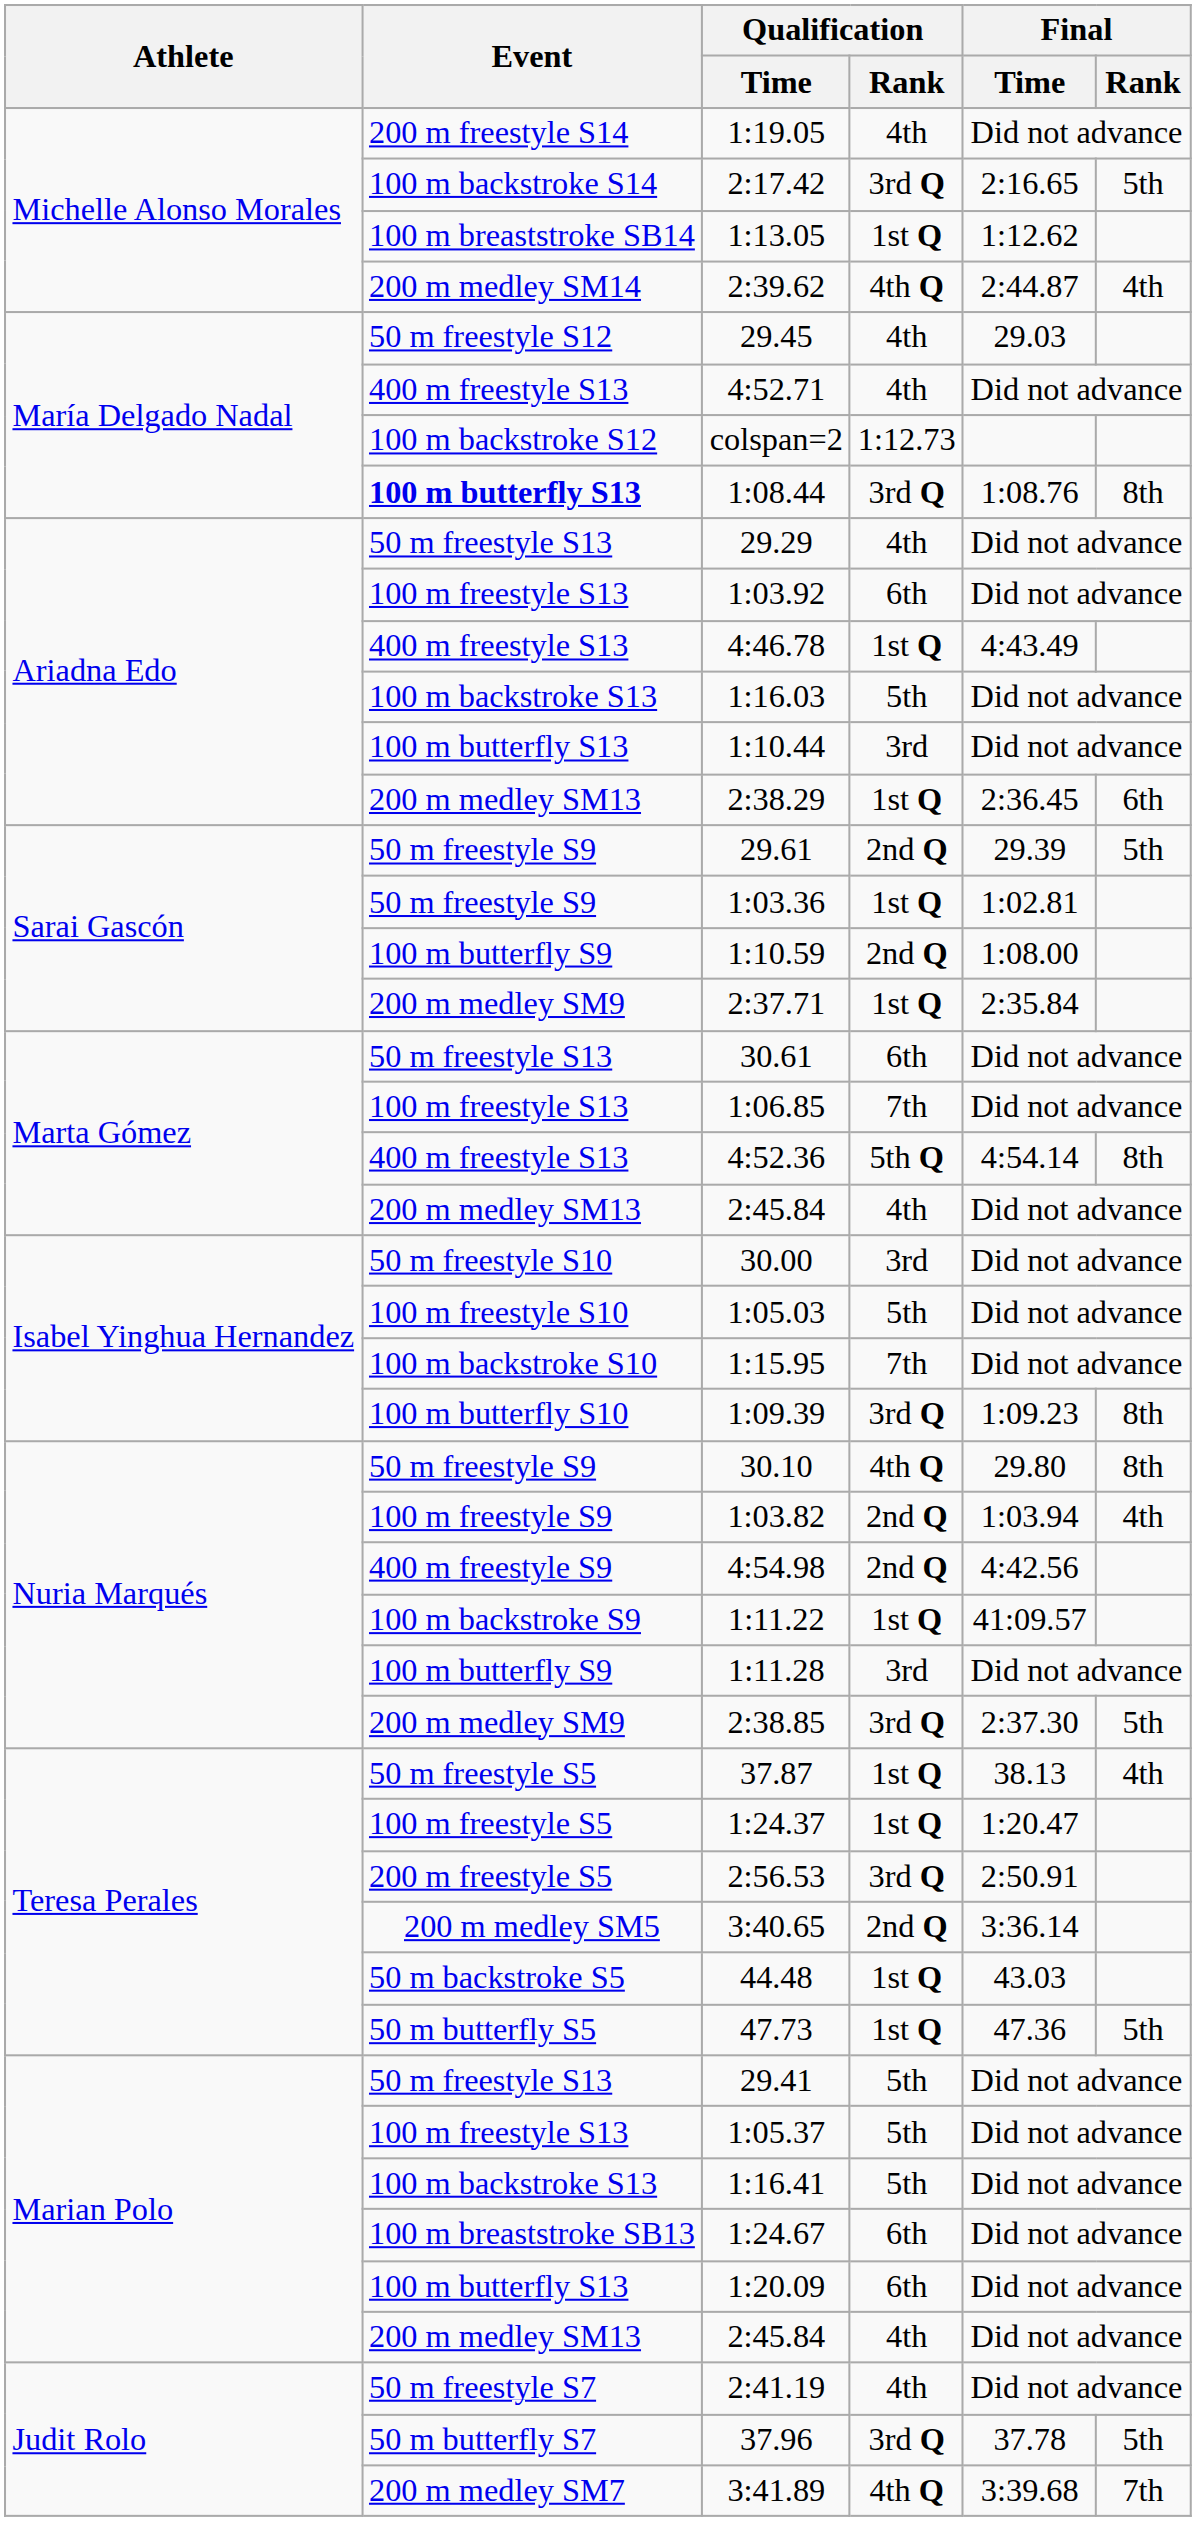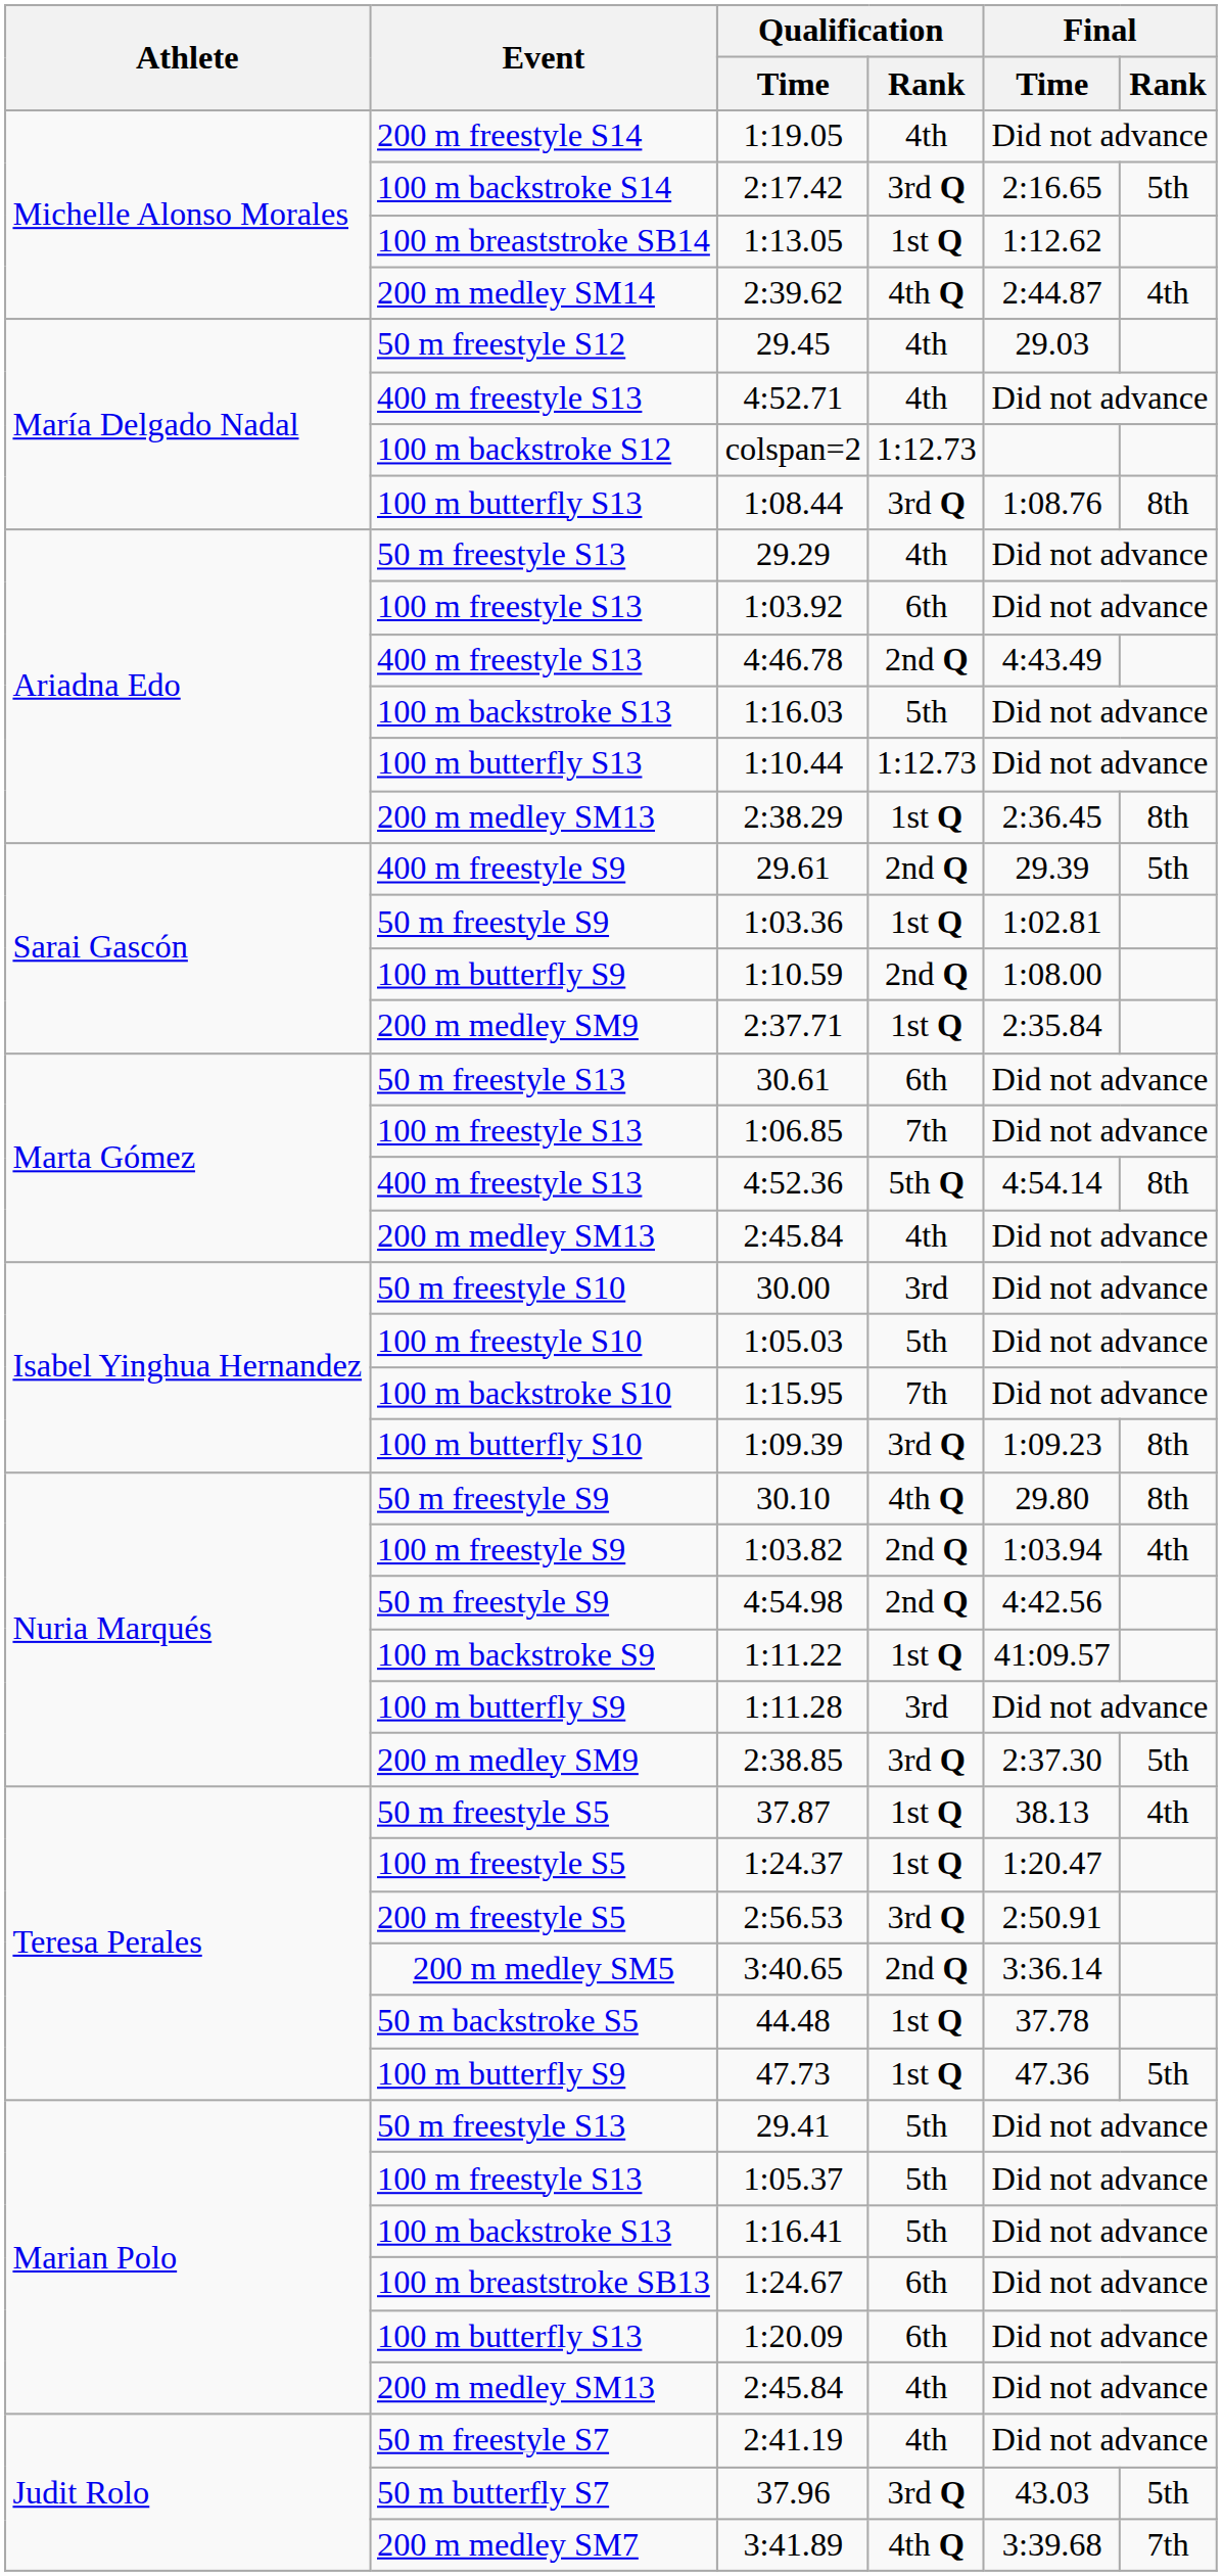 <table class=wikitable>
 <tr>
 <th rowspan="2">Athlete</th>
 <th rowspan="2">Event</th>
 <th colspan="2">Qualification</th>
 <th colspan="2">Final</th>
 </tr>
 <tr>
 <th>Time</th>
 <th>Rank</th>
 <th>Time</th>
 <th>Rank</th>
 </tr>
 <tr align=center>
 <td align=left rowspan=4><a href='#'>Michelle Alonso Morales</a></td>
 <td align=left><a href='#'>200 m freestyle S14</a></td>
 <td>1:19.05</td>
 <td>4th</td>
 <td colspan=2>Did not advance</td>
 </tr>
 <tr align=center>
 <td align=left><a href='#'>100 m backstroke S14</a></td>
 <td>2:17.42</td>
 <td>3rd <strong>Q</strong></td>
 <td>2:16.65</td>
 <td>5th</td>
 </tr>
 <tr align=center>
 <td align=left><a href='#'>100 m breaststroke SB14</a></td>
 <td>1:13.05</td>
 <td>1st <strong>Q</strong></td>
 <td>1:12.62</td>
 <td></td>
 </tr>
 <tr align=center>
 <td align=left><a href='#'>200 m medley SM14</a></td>
 <td>2:39.62</td>
 <td>4th <strong>Q</strong></td>
 <td>2:44.87</td>
 <td>4th</td>
 </tr>
 <tr align=center>
 <td align=left rowspan=4><a href='#'>María Delgado Nadal</a></td>
 <td align=left><a href='#'>50 m freestyle S12</a></td>
 <td>29.45</td>
 <td>4th</td>
 <td>29.03</td>
 <td></td>
 </tr>
 <tr align=center>
 <td align=left><a href='#'>400 m freestyle S13</a></td>
 <td>4:52.71</td>
 <td>4th</td>
 <td colspan=2>Did not advance</td>
 </tr>
 <tr align=center>
 <td align=left><a href='#'>100 m backstroke S12</a></td>
 <td>colspan=2 </td>
 <td>1:12.73</td>
 <td></td>
 </tr>
 <tr align=center>
-<td align=left><strong><a href='#'>100 m butterfly S13</a></strong></td>
+<td align=left><a href='#'>100 m butterfly S13</a></td>
 <td>1:08.44</td>
 <td>3rd <strong>Q</strong></td>
 <td>1:08.76</td>
 <td>8th</td>
 </tr>
 <tr align=center>
 <td align=left rowspan=6><a href='#'>Ariadna Edo</a></td>
 <td align=left><a href='#'>50 m freestyle S13</a></td>
 <td>29.29</td>
 <td>4th</td>
 <td colspan=2>Did not advance</td>
 </tr>
 <tr align=center>
 <td align=left><a href='#'>100 m freestyle S13</a></td>
 <td>1:03.92</td>
 <td>6th</td>
 <td colspan=2>Did not advance</td>
 </tr>
 <tr align=center>
 <td align=left><a href='#'>400 m freestyle S13</a></td>
 <td>4:46.78</td>
-<td>1st <strong>Q</strong></td>
+<td>2nd <strong>Q</strong></td>
 <td>4:43.49</td>
 <td></td>
 </tr>
 <tr align=center>
 <td align=left><a href='#'>100 m backstroke S13</a></td>
 <td>1:16.03</td>
 <td>5th</td>
 <td colspan=2>Did not advance</td>
 </tr>
 <tr align=center>
 <td align=left><a href='#'>100 m butterfly S13</a></td>
 <td>1:10.44</td>
-<td>3rd</td>
+<td>1:12.73</td>
 <td colspan=2>Did not advance</td>
 </tr>
 <tr align=center>
 <td align=left><a href='#'>200 m medley SM13</a></td>
 <td>2:38.29</td>
 <td>1st <strong>Q</strong></td>
 <td>2:36.45</td>
-<td>6th</td>
+<td>8th</td>
 </tr>
 <tr align=center>
 <td align=left rowspan=4><a href='#'>Sarai Gascón</a></td>
-<td align=left><a href='#'>50 m freestyle S9</a></td>
+<td align=left><a href='#'>400 m freestyle S9</a></td>
 <td>29.61</td>
 <td>2nd <strong>Q</strong></td>
 <td>29.39</td>
 <td>5th</td>
 </tr>
 <tr align=center>
 <td align=left><a href='#'>50 m freestyle S9</a></td>
 <td>1:03.36</td>
 <td>1st <strong>Q</strong></td>
 <td>1:02.81</td>
 <td></td>
 </tr>
 <tr align=center>
 <td align=left><a href='#'>100 m butterfly S9</a></td>
 <td>1:10.59</td>
 <td>2nd <strong>Q</strong></td>
 <td>1:08.00</td>
 <td></td>
 </tr>
 <tr align=center>
 <td align=left><a href='#'>200 m medley SM9</a></td>
 <td>2:37.71</td>
 <td>1st <strong>Q</strong></td>
 <td>2:35.84</td>
 <td></td>
 </tr>
 <tr align=center>
 <td align=left rowspan=4><a href='#'>Marta Gómez</a></td>
 <td align=left><a href='#'>50 m freestyle S13</a></td>
 <td>30.61</td>
 <td>6th</td>
 <td colspan=2>Did not advance</td>
 </tr>
 <tr align=center>
 <td align=left><a href='#'>100 m freestyle S13</a></td>
 <td>1:06.85</td>
 <td>7th</td>
 <td colspan=2>Did not advance</td>
 </tr>
 <tr align=center>
 <td align=left><a href='#'>400 m freestyle S13</a></td>
 <td>4:52.36</td>
 <td>5th <strong>Q</strong></td>
 <td>4:54.14</td>
 <td>8th</td>
 </tr>
 <tr align=center>
 <td align=left><a href='#'>200 m medley SM13</a></td>
 <td>2:45.84</td>
 <td>4th</td>
 <td colspan=2>Did not advance</td>
 </tr>
 <tr align=center>
 <td align=left rowspan=4><a href='#'>Isabel Yinghua Hernandez</a></td>
 <td align=left><a href='#'>50 m freestyle S10</a></td>
 <td>30.00</td>
 <td>3rd</td>
 <td colspan=2>Did not advance</td>
 </tr>
 <tr align=center>
 <td align=left><a href='#'>100 m freestyle S10</a></td>
 <td>1:05.03</td>
 <td>5th</td>
 <td colspan=2>Did not advance</td>
 </tr>
 <tr align=center>
 <td align=left><a href='#'>100 m backstroke S10</a></td>
 <td>1:15.95</td>
 <td>7th</td>
 <td colspan=2>Did not advance</td>
 </tr>
 <tr align=center>
 <td align=left><a href='#'>100 m butterfly S10</a></td>
 <td>1:09.39</td>
 <td>3rd <strong>Q</strong></td>
 <td>1:09.23</td>
 <td>8th</td>
 </tr>
 <tr align=center>
 <td align=left rowspan=6><a href='#'>Nuria Marqués</a></td>
 <td align=left><a href='#'>50 m freestyle S9</a></td>
 <td>30.10</td>
 <td>4th <strong>Q</strong></td>
 <td>29.80</td>
 <td>8th</td>
 </tr>
 <tr align=center>
 <td align=left><a href='#'>100 m freestyle S9</a></td>
 <td>1:03.82</td>
 <td>2nd <strong>Q</strong></td>
 <td>1:03.94</td>
 <td>4th</td>
 </tr>
 <tr align=center>
-<td align=left><a href='#'>400 m freestyle S9</a></td>
+<td align=left><a href='#'>50 m freestyle S9</a></td>
 <td>4:54.98</td>
 <td>2nd <strong>Q</strong></td>
 <td>4:42.56</td>
 <td></td>
 </tr>
 <tr align=center>
 <td align=left><a href='#'>100 m backstroke S9</a></td>
 <td>1:11.22</td>
 <td>1st <strong>Q</strong></td>
 <td>41:09.57</td>
 <td></td>
 </tr>
 <tr align=center>
 <td align=left><a href='#'>100 m butterfly S9</a></td>
 <td>1:11.28</td>
 <td>3rd</td>
 <td colspan=2>Did not advance</td>
 </tr>
 <tr align=center>
 <td align=left><a href='#'>200 m medley SM9</a></td>
 <td>2:38.85</td>
 <td>3rd <strong>Q</strong></td>
 <td>2:37.30</td>
 <td>5th</td>
 </tr>
 <tr align=center>
 <td rowspan="6" align="left"><a href='#'>Teresa Perales</a></td>
 <td align=left><a href='#'>50 m freestyle S5</a></td>
 <td>37.87</td>
 <td>1st <strong>Q</strong></td>
 <td>38.13</td>
 <td>4th</td>
 </tr>
 <tr align=center>
 <td align=left><a href='#'>100 m freestyle S5</a></td>
 <td>1:24.37</td>
 <td>1st <strong>Q</strong></td>
 <td>1:20.47</td>
 <td></td>
 </tr>
 <tr align=center>
 <td align=left><a href='#'>200 m freestyle S5</a></td>
 <td>2:56.53</td>
 <td>3rd <strong>Q</strong></td>
 <td>2:50.91</td>
 <td></td>
 </tr>
 <tr align=center>
 <td><a href='#'>200 m medley SM5</a></td>
 <td>3:40.65</td>
 <td>2nd <strong>Q</strong></td>
 <td>3:36.14</td>
 <td></td>
 </tr>
 <tr align=center>
 <td align=left><a href='#'>50 m backstroke S5</a></td>
 <td>44.48</td>
 <td>1st <strong>Q</strong></td>
-<td>43.03</td>
+<td>37.78</td>
 <td></td>
 </tr>
 <tr align=center>
-<td align=left><a href='#'>50 m butterfly S5</a></td>
+<td align=left><a href='#'>100 m butterfly S9</a></td>
 <td>47.73</td>
 <td>1st <strong>Q</strong></td>
 <td>47.36</td>
 <td>5th</td>
 </tr>
 <tr align=center>
 <td align=left rowspan=6><a href='#'>Marian Polo</a></td>
 <td align=left><a href='#'>50 m freestyle S13</a></td>
 <td>29.41</td>
 <td>5th</td>
 <td colspan=2>Did not advance</td>
 </tr>
 <tr align=center>
 <td align=left><a href='#'>100 m freestyle S13</a></td>
 <td>1:05.37</td>
 <td>5th</td>
 <td colspan=2>Did not advance</td>
 </tr>
 <tr align=center>
 <td align=left><a href='#'>100 m backstroke S13</a></td>
 <td>1:16.41</td>
 <td>5th</td>
 <td colspan=2>Did not advance</td>
 </tr>
 <tr align=center>
 <td align=left><a href='#'>100 m breaststroke SB13</a></td>
 <td>1:24.67</td>
 <td>6th</td>
 <td colspan=2>Did not advance</td>
 </tr>
 <tr align=center>
 <td align=left><a href='#'>100 m butterfly S13</a></td>
 <td>1:20.09</td>
 <td>6th</td>
 <td colspan=2>Did not advance</td>
 </tr>
 <tr align=center>
 <td align=left><a href='#'>200 m medley SM13</a></td>
 <td>2:45.84</td>
 <td>4th</td>
 <td colspan=2>Did not advance</td>
 </tr>
 <tr align=center>
 <td align=left rowspan=3><a href='#'>Judit Rolo</a></td>
 <td align=left><a href='#'>50 m freestyle S7</a></td>
 <td>2:41.19</td>
 <td>4th</td>
 <td colspan=2>Did not advance</td>
 </tr>
 <tr align=center>
 <td align=left><a href='#'>50 m butterfly S7</a></td>
 <td>37.96</td>
 <td>3rd <strong>Q</strong></td>
-<td>37.78</td>
+<td>43.03</td>
 <td>5th</td>
 </tr>
 <tr align=center>
 <td align=left><a href='#'>200 m medley SM7</a></td>
 <td>3:41.89</td>
 <td>4th <strong>Q</strong></td>
 <td>3:39.68</td>
 <td>7th</td>
 </tr>
 </table>
